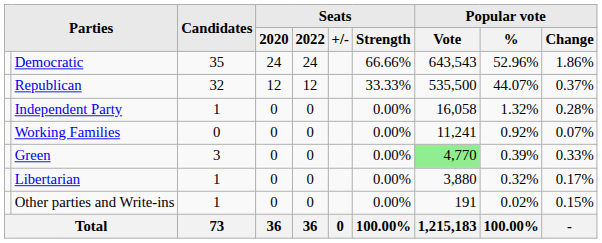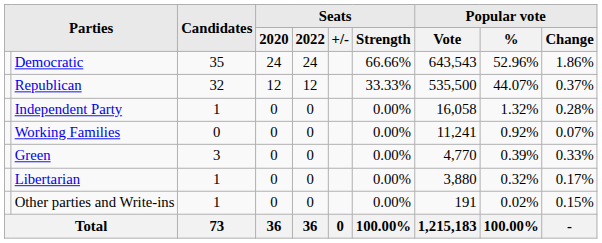 <table class=wikitable>
 <tr>
 <th style="background-color:#E9E9E9" align=center rowspan= 2 colspan=2>Parties</th>
 <th style="background-color:#E9E9E9" align=center rowspan= 2>Candidates</th>
 <th style="background-color:#E9E9E9" align=center colspan=4>Seats</th>
 <th style="background-color:#E9E9E9" align=center colspan=3>Popular vote</th>
 </tr>
 <tr>
 <th align=center>2020</th>
 <th align=center>2022</th>
 <th align=center>+/-</th>
 <th align=center>Strength</th>
 <th align=center>Vote</th>
 <th align=center>%</th>
 <th align=center>Change</th>
 </tr>
 <tr>
 <td></td>
 <td align=left><a href='#'>Democratic</a></td>
 <td align=center>35</td>
 <td align=center >24</td>
 <td align=center >24</td>
 <td align=center></td>
 <td align=right >66.66%</td>
 <td align=right >643,543</td>
 <td align=right >52.96%</td>
 <td align=right> 1.86%</td>
 </tr>
 <tr>
 <td></td>
 <td align=left><a href='#'>Republican</a></td>
 <td align=center>32</td>
 <td align=center>12</td>
 <td align=center>12</td>
 <td align=center></td>
 <td align=right>33.33%</td>
 <td align=right>535,500</td>
 <td align=right>44.07%</td>
 <td align=right> 0.37%</td>
 </tr>
 <tr>
 <td></td>
 <td><a href='#'>Independent Party</a></td>
 <td align=center>1</td>
 <td align=center>0</td>
 <td align=center>0</td>
 <td align=center><br></td>
 <td align=right>0.00%</td>
 <td align=right>16,058</td>
 <td align=right>1.32%</td>
 <td align=right> 0.28%</td>
 </tr>
 <tr>
 <td></td>
 <td align=left><a href='#'>Working Families</a></td>
 <td align=center>0</td>
 <td align=center>0</td>
 <td align=center>0</td>
 <td align=center><br></td>
 <td align=right>0.00%</td>
 <td align=right>11,241</td>
 <td align=right>0.92%</td>
 <td align=right> 0.07%</td>
 </tr>
 <tr>
 <td></td>
 <td align=left><a href='#'>Green</a></td>
 <td align=center>3</td>
 <td align=center>0</td>
 <td align=center>0</td>
 <td align=center><br></td>
 <td align=right>0.00%</td>
-<td align=right style="background: lightgreen;">4,770</td>
+<td align=right>4,770</td>
 <td align=right>0.39%</td>
 <td align=right> 0.33%</td>
 </tr>
 <tr>
 <td></td>
 <td align=left><a href='#'>Libertarian</a></td>
 <td align=center>1</td>
 <td align=center>0</td>
 <td align=center>0</td>
 <td align=center><br></td>
 <td align=right>0.00%</td>
 <td align=right>3,880</td>
 <td align=right>0.32%</td>
 <td align=right> 0.17%</td>
 </tr>
 <tr>
 <td></td>
 <td align=left>Other parties and Write-ins</td>
 <td align=center>1</td>
 <td align=center>0</td>
 <td align=center>0</td>
 <td align=center><br></td>
 <td align=right>0.00%</td>
 <td align=right>191</td>
 <td align=right>0.02%</td>
 <td align=right> 0.15%</td>
 </tr>
 <tr>
 <th align=center colspan="2">Total</th>
 <th align=center>73</th>
 <th align=center>36</th>
 <th align=center>36</th>
 <th align=center>0</th>
 <th align=center>100.00%</th>
 <th align=center>1,215,183</th>
 <th align=center>100.00%</th>
 <th align=center>-</th>
 </tr>
 </table>
